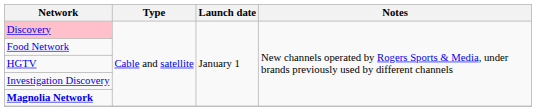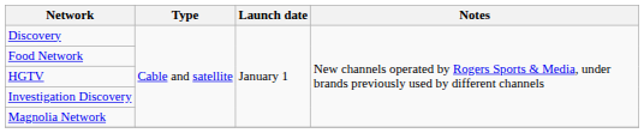 <table class="wikitable">
 <tr>
 <th>Network</th>
 <th>Type</th>
 <th>Launch date</th>
 <th>Notes</th>
 </tr>
 <tr>
-<td style="background: pink;"><a href='#'>Discovery</a></td>
+<td><a href='#'>Discovery</a></td>
 <td rowspan=5><a href='#'>Cable</a> and <a href='#'>satellite</a></td>
 <td rowspan=5>January 1</td>
 <td rowspan=5 style="max-width: 400px;">New channels operated by <a href='#'>Rogers Sports & Media</a>, under brands previously used by different channels</td>
 </tr>
 <tr>
 <td><a href='#'>Food Network</a></td>
 </tr>
 <tr>
 <td><a href='#'>HGTV</a></td>
 </tr>
 <tr>
 <td><a href='#'>Investigation Discovery</a></td>
 </tr>
 <tr>
-<td><strong><a href='#'>Magnolia Network</a></strong></td>
+<td><a href='#'>Magnolia Network</a></td>
 </tr>
 <tr>
 </tr>
 </table>
